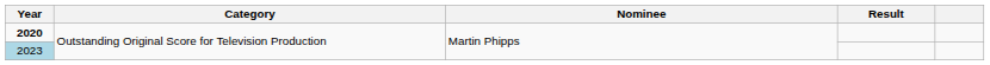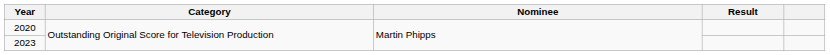 <table class="wikitable" style="width:85%;">
 <tr>
 <th width=5%>Year</th>
 <th style="width:40%;">Category</th>
 <th style="width:40%;">Nominee</th>
 <th style="width:10%;">Result</th>
 <th width=5%></th>
 </tr>
 <tr>
-<td style="text-align: center;" rowspan="1"><strong>2020</strong></td>
+<td style="text-align: center;" rowspan="1">2020</td>
 <td rowspan="2">Outstanding Original Score for Television Production</td>
 <td rowspan="2">Martin Phipps</td>
 <td></td>
 <td align="center"></td>
 </tr>
 <tr>
-<td style="background: lightblue; text-align: center;" rowspan="1">2023</td>
+<td style="text-align: center;" rowspan="1">2023</td>
 <td></td>
 <td align="center"></td>
 </tr>
 </table>
